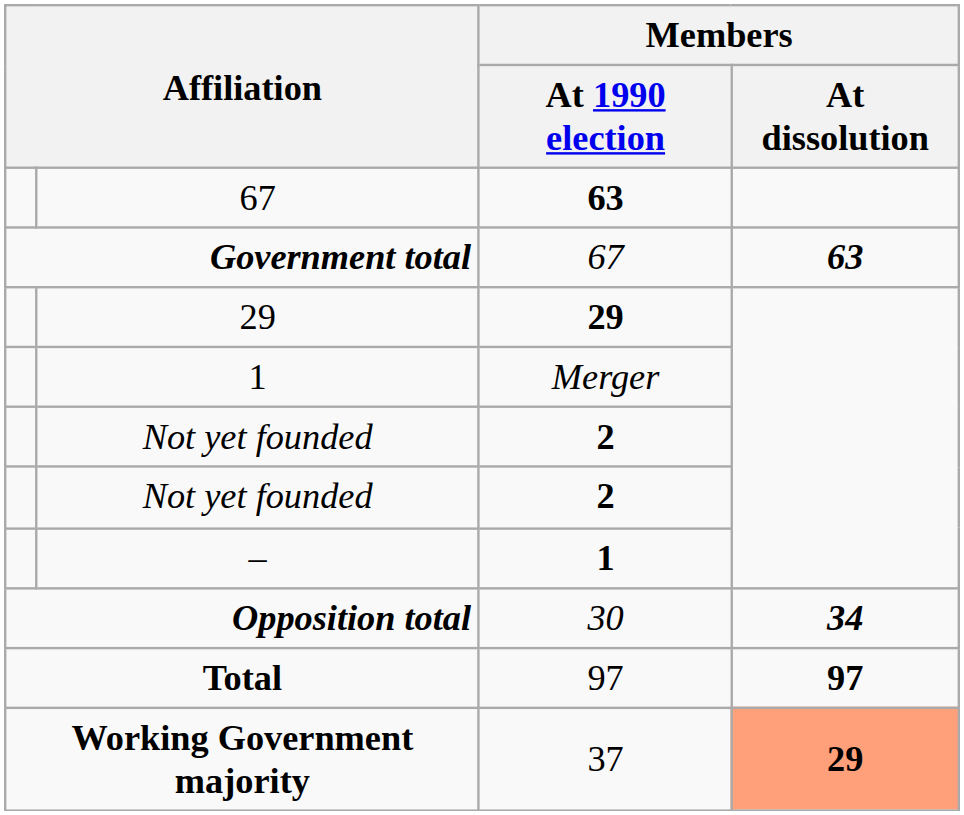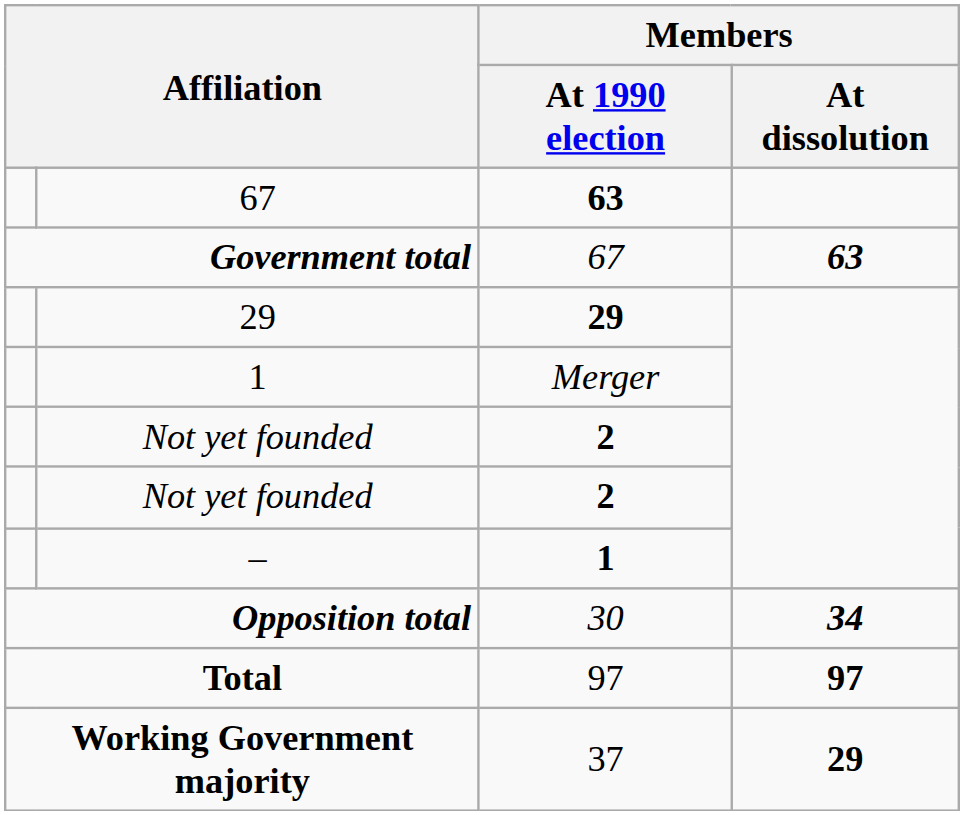 <table class="wikitable" border="1" style="font-size:95%; width:300pt; text-align:center">
 <tr>
 <th colspan="2" rowspan="2" style="text-align:center;vertical-align:middle; ">Affiliation</th>
 <th colspan="2" style="vertical-align:top;">Members</th>
 </tr>
 <tr>
 <th>At <a href='#'>1990 election</a></th>
 <th>At dissolution</th>
 </tr>
 <tr>
 <td></td>
 <td>67</td>
 <td><strong>63</strong></td>
 </tr>
 <tr>
 <td colspan="2" rowspan="1" style="text-align:right; "><strong><em>Government total</em></strong></td>
 <td><em>67</em></td>
 <td><strong><em>63</em></strong></td>
 </tr>
 <tr>
 <td></td>
 <td>29</td>
 <td><strong>29</strong></td>
 </tr>
 <tr>
 <td></td>
 <td>1</td>
 <td><em>Merger</em> </td>
 </tr>
 <tr>
 <td></td>
 <td><em>Not yet founded</em></td>
 <td><strong>2</strong></td>
 </tr>
 <tr>
 <td></td>
 <td><em>Not yet founded</em></td>
 <td><strong>2</strong></td>
 </tr>
 <tr>
 <td></td>
 <td>–</td>
 <td><strong>1</strong></td>
 </tr>
 <tr>
 <td colspan="2" rowspan="1" style="text-align:right; "><strong><em>Opposition total</em></strong></td>
 <td><em>30</em></td>
 <td><strong><em>34</em></strong></td>
 </tr>
 <tr>
 <td colspan="2" rowspan="1"><strong>Total</strong><br></td>
 <td>97</td>
 <td><strong>97</strong></td>
 </tr>
 <tr>
 <td colspan="2" rowspan="1"><strong>Working Government majority</strong></td>
 <td>37</td>
-<td style="background: lightsalmon;"><strong>29</strong></td>
+<td><strong>29</strong></td>
 </tr>
 </table>
